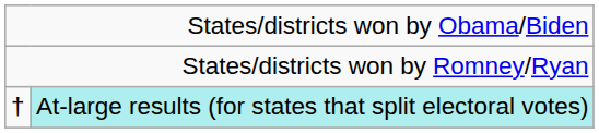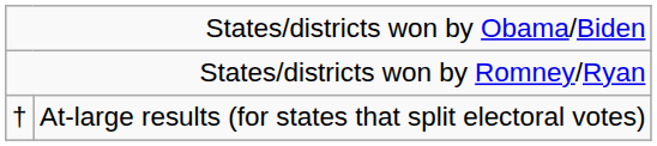 <table class="wikitable" style="text-align:right;font-size:90%;line-height:1.2">
 <tr>
 <td colspan=2>States/districts won by <a href='#'>Obama</a>/<a href='#'>Biden</a></td>
 </tr>
 <tr>
 <td colspan=2>States/districts won by <a href='#'>Romney</a>/<a href='#'>Ryan</a></td>
 </tr>
 <tr>
 <td>†</td>
-<td style="background: paleturquoise;">At-large results (for states that split electoral votes)</td>
+<td>At-large results (for states that split electoral votes)</td>
 </tr>
 </table>
